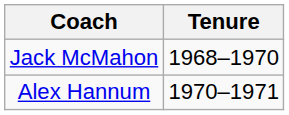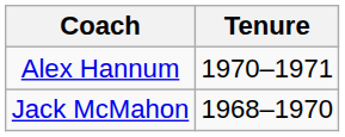 <table class="wikitable" style="text-align:center">
 <tr>
 <th>Coach</th>
 <th>Tenure</th>
 </tr>
 <tr>
+<td><a href='#'>Alex Hannum</a></td>
+<td>1970–1971</td>
+</tr>
+<tr>
 <td><a href='#'>Jack McMahon</a></td>
 <td>1968–1970</td>
 </tr>
-<tr>
-<td><a href='#'>Alex Hannum</a></td>
-<td>1970–1971</td>
-</tr>
 </table>
